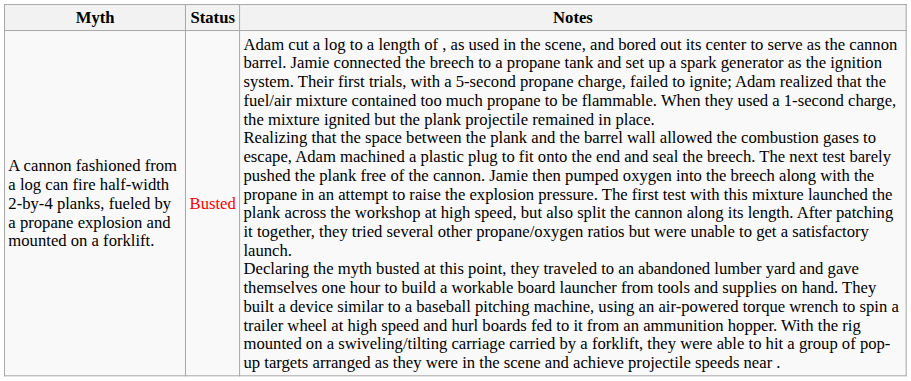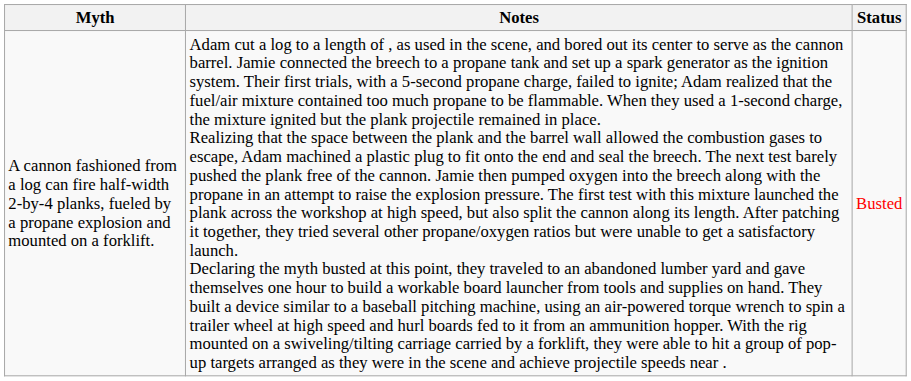 <table class="wikitable plainrowheaders">
 <tr>
 <th scope"col">Myth</th>
+<th scope"col">Notes</th>
 <th scope"col">Status</th>
-<th scope"col">Notes</th>
 </tr>
 <tr>
 <td scope"row">A cannon fashioned from a log can fire half-width 2-by-4 planks, fueled by a propane explosion and mounted on a forklift.</td>
+<td>Adam cut a log to a length of , as used in the scene, and bored out its center to serve as the cannon barrel. Jamie connected the breech to a propane tank and set up a spark generator as the ignition system. Their first trials, with a 5-second propane charge, failed to ignite; Adam realized that the fuel/air mixture contained too much propane to be flammable. When they used a 1-second charge, the mixture ignited but the plank projectile remained in place.<br>Realizing that the space between the plank and the barrel wall allowed the combustion gases to escape, Adam machined a plastic plug to fit onto the end and seal the breech. The next test barely pushed the plank free of the cannon. Jamie then pumped oxygen into the breech along with the propane in an attempt to raise the explosion pressure. The first test with this mixture launched the plank across the workshop at high speed, but also split the cannon along its length. After patching it together, they tried several other propane/oxygen ratios but were unable to get a satisfactory launch.<br>Declaring the myth busted at this point, they traveled to an abandoned lumber yard and gave themselves one hour to build a workable board launcher from tools and supplies on hand. They built a device similar to a baseball pitching machine, using an air-powered torque wrench to spin a trailer wheel at high speed and hurl boards fed to it from an ammunition hopper. With the rig mounted on a swiveling/tilting carriage carried by a forklift, they were able to hit a group of pop-up targets arranged as they were in the scene and achieve projectile speeds near .</td>
 <td style="color:red">Busted</td>
-<td>Adam cut a log to a length of , as used in the scene, and bored out its center to serve as the cannon barrel. Jamie connected the breech to a propane tank and set up a spark generator as the ignition system. Their first trials, with a 5-second propane charge, failed to ignite; Adam realized that the fuel/air mixture contained too much propane to be flammable. When they used a 1-second charge, the mixture ignited but the plank projectile remained in place.<br>Realizing that the space between the plank and the barrel wall allowed the combustion gases to escape, Adam machined a plastic plug to fit onto the end and seal the breech. The next test barely pushed the plank free of the cannon. Jamie then pumped oxygen into the breech along with the propane in an attempt to raise the explosion pressure. The first test with this mixture launched the plank across the workshop at high speed, but also split the cannon along its length. After patching it together, they tried several other propane/oxygen ratios but were unable to get a satisfactory launch.<br>Declaring the myth busted at this point, they traveled to an abandoned lumber yard and gave themselves one hour to build a workable board launcher from tools and supplies on hand. They built a device similar to a baseball pitching machine, using an air-powered torque wrench to spin a trailer wheel at high speed and hurl boards fed to it from an ammunition hopper. With the rig mounted on a swiveling/tilting carriage carried by a forklift, they were able to hit a group of pop-up targets arranged as they were in the scene and achieve projectile speeds near .</td>
 </tr>
 </table>
